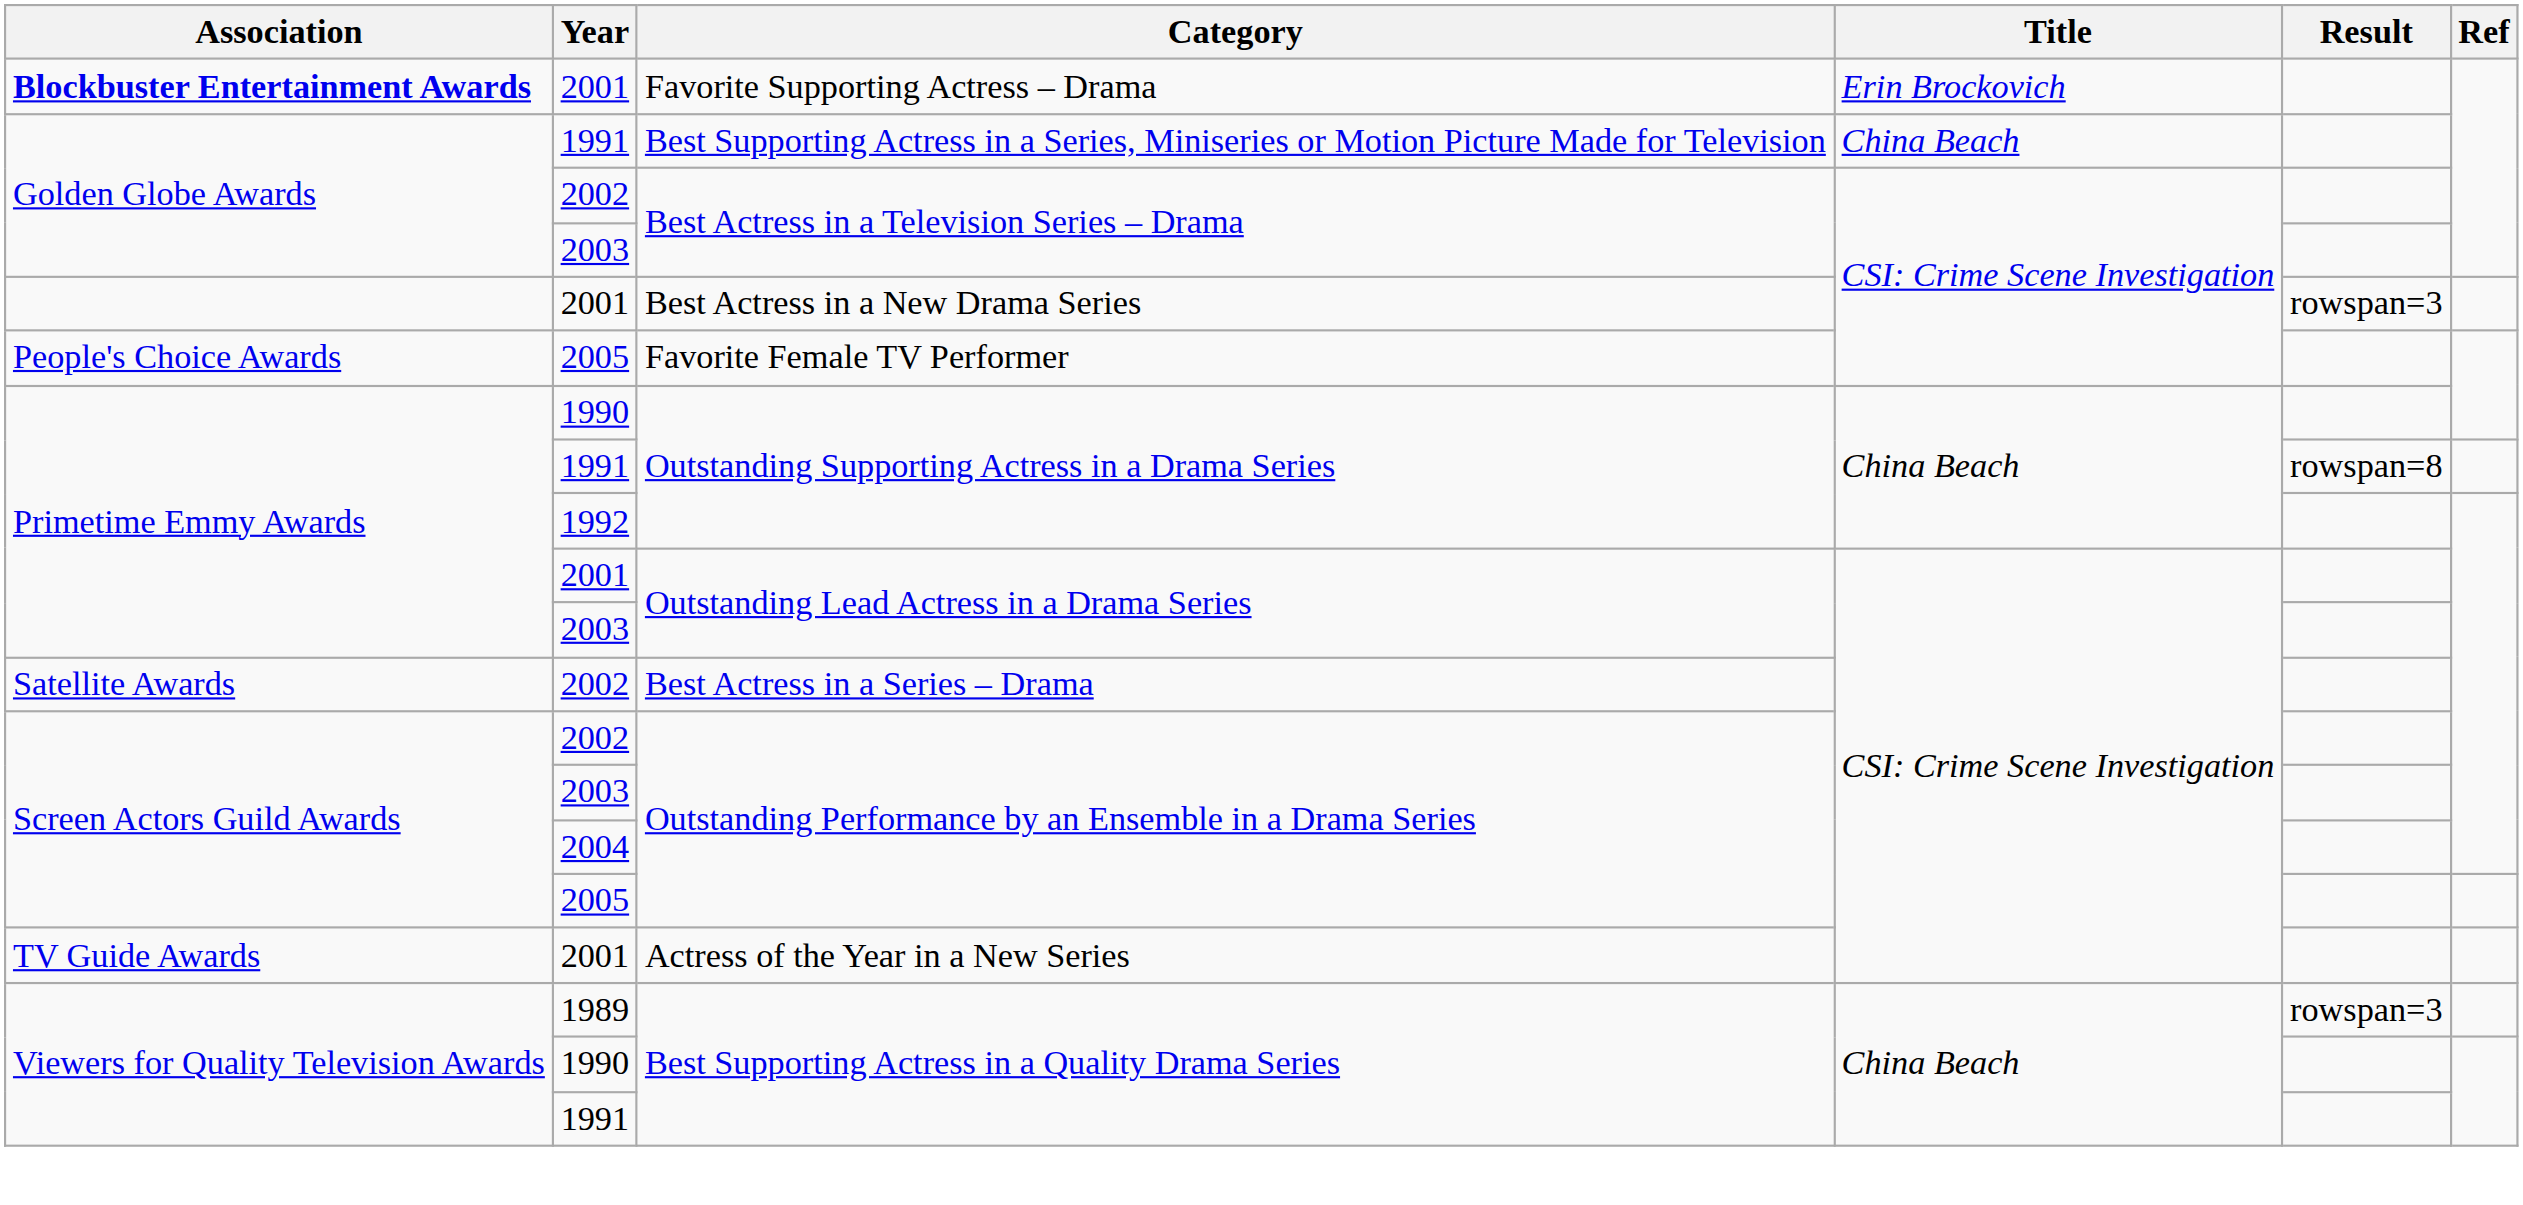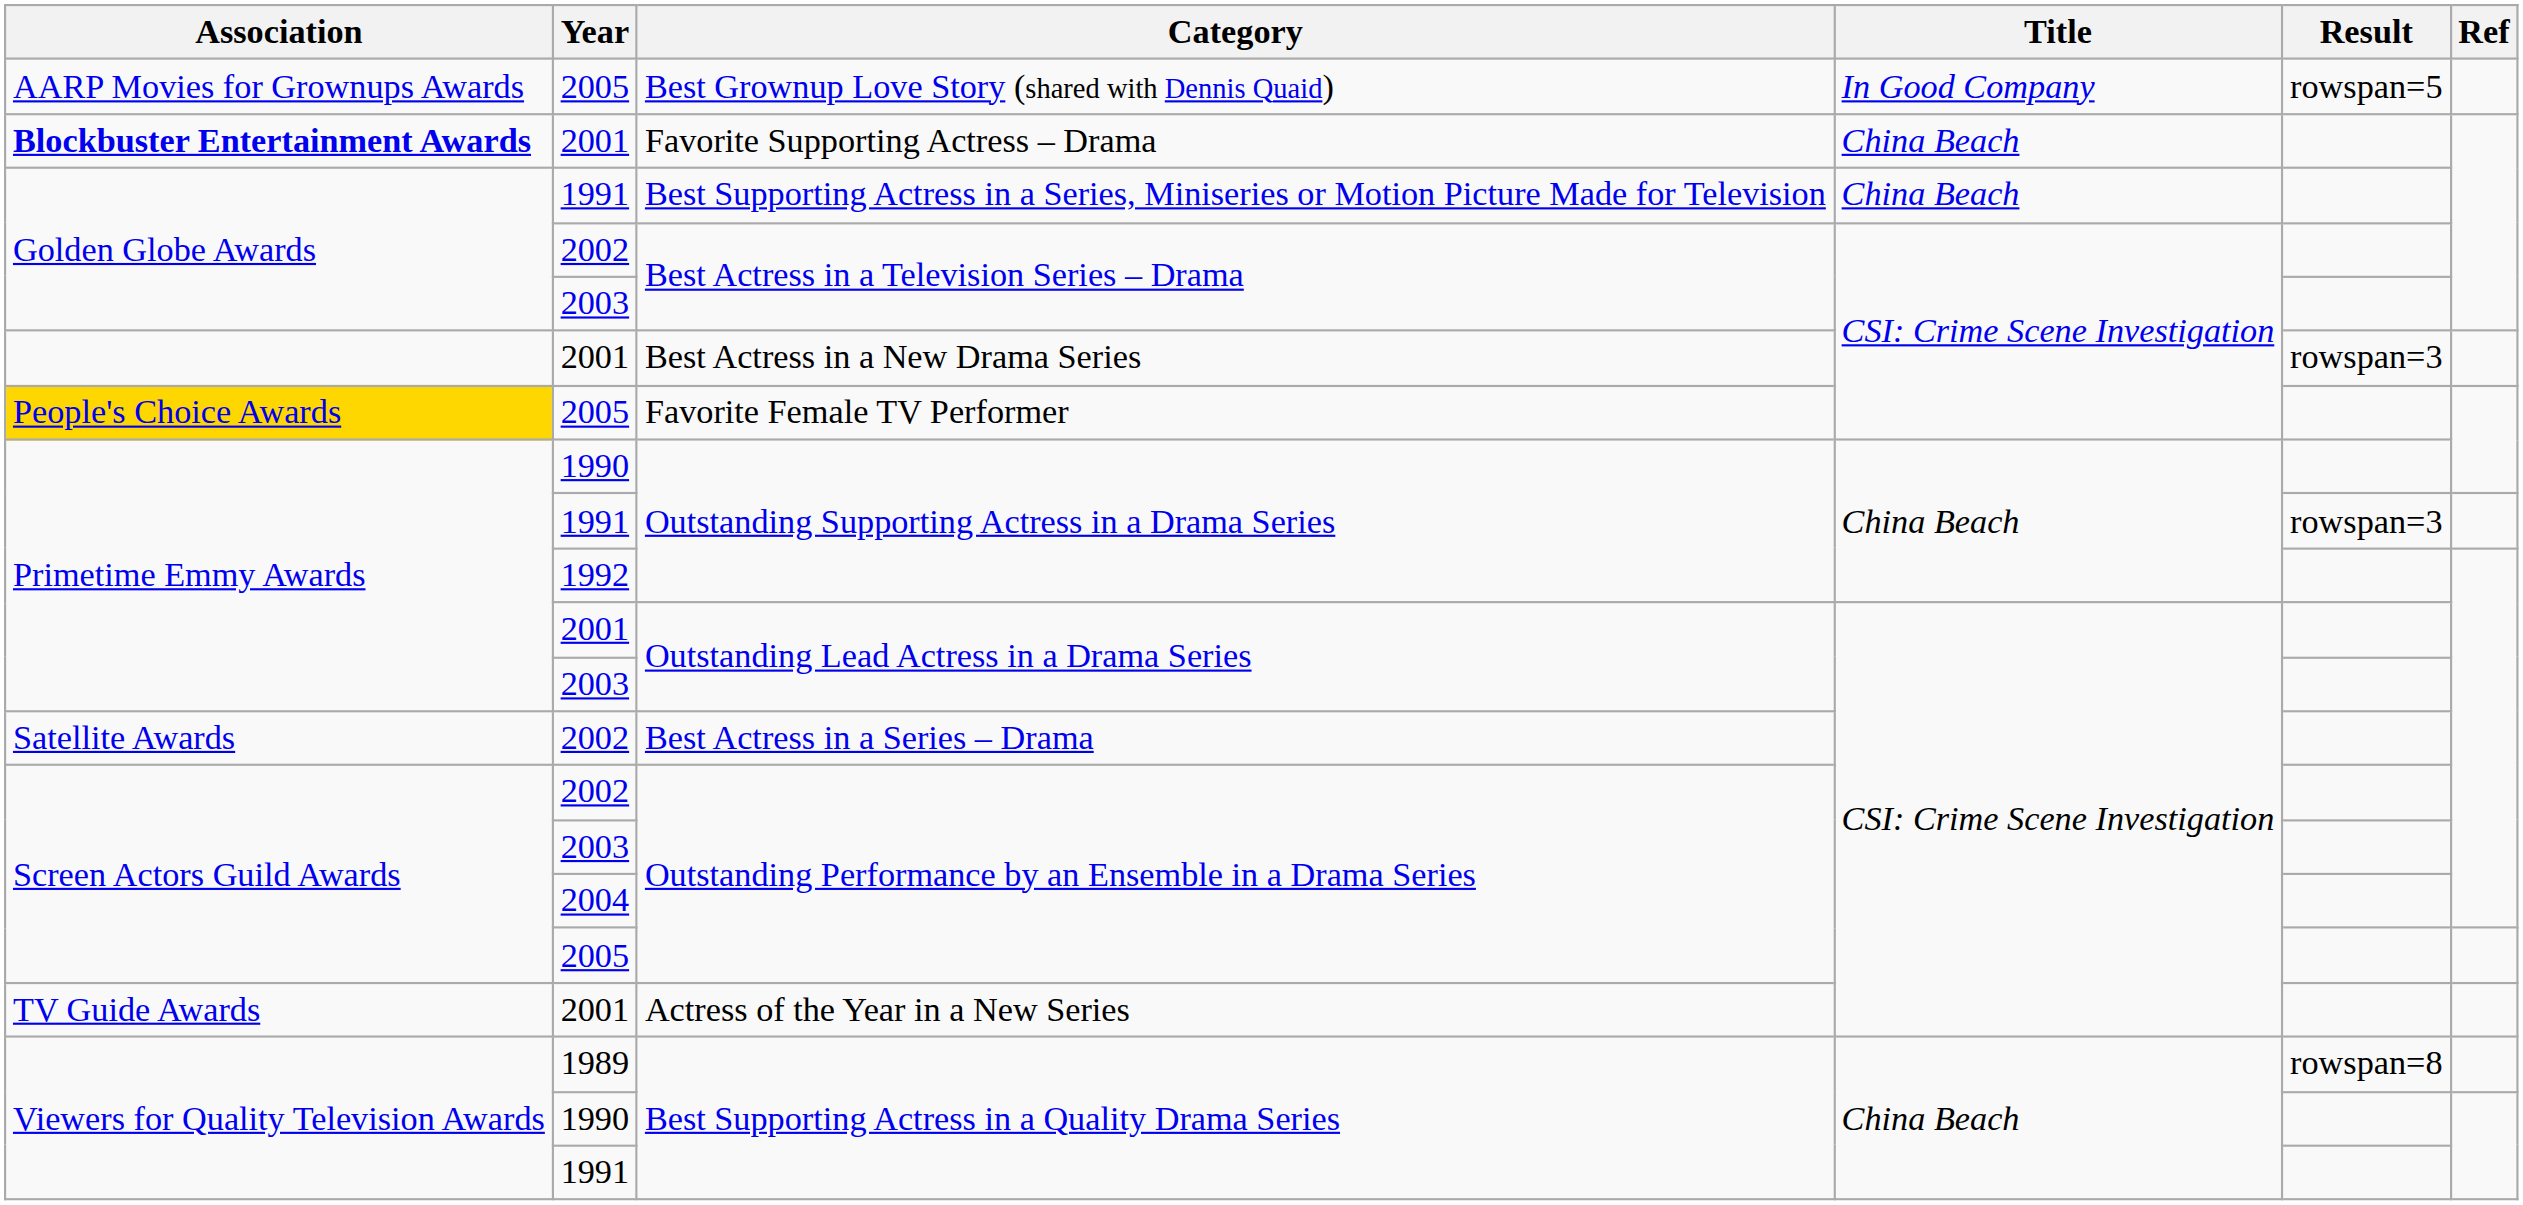 <table class="wikitable">
 <tr>
 <th>Association</th>
 <th>Year</th>
 <th>Category</th>
 <th>Title</th>
 <th>Result</th>
 <th>Ref</th>
 </tr>
 <tr>
+<td><a href='#'>AARP Movies for Grownups Awards</a></td>
+<td><a href='#'>2005</a></td>
+<td><a href='#'>Best Grownup Love Story</a> (<small>shared with <a href='#'>Dennis Quaid</a></small>)</td>
+<td><em><a href='#'>In Good Company</a></em></td>
+<td>rowspan=5 </td>
+<td></td>
+</tr>
+<tr>
 <td><strong><a href='#'>Blockbuster Entertainment Awards</a></strong></td>
 <td><a href='#'>2001</a></td>
 <td>Favorite Supporting Actress – Drama</td>
-<td><em><a href='#'>Erin Brockovich</a></em></td>
+<td><em><a href='#'>China Beach</a></em></td>
 <td></td>
 </tr>
 <tr>
 <td rowspan=3><a href='#'>Golden Globe Awards</a></td>
 <td><a href='#'>1991</a></td>
 <td><a href='#'>Best Supporting Actress in a Series, Miniseries or Motion Picture Made for Television</a></td>
 <td><em><a href='#'>China Beach</a></em></td>
 <td></td>
 </tr>
 <tr>
 <td><a href='#'>2002</a></td>
 <td rowspan=2><a href='#'>Best Actress in a Television Series – Drama</a></td>
 <td rowspan=4><em><a href='#'>CSI: Crime Scene Investigation</a></em></td>
 <td></td>
 </tr>
 <tr>
 <td><a href='#'>2003</a></td>
 <td></td>
 </tr>
 <tr>
 <td></td>
 <td>2001</td>
 <td>Best Actress in a New Drama Series</td>
 <td>rowspan=3 </td>
 <td></td>
 </tr>
 <tr>
-<td><a href='#'>People's Choice Awards</a></td>
+<td style="background: gold;"><a href='#'>People's Choice Awards</a></td>
 <td><a href='#'>2005</a></td>
 <td>Favorite Female TV Performer</td>
 <td></td>
 </tr>
 <tr>
 <td rowspan=5><a href='#'>Primetime Emmy Awards</a></td>
 <td><a href='#'>1990</a></td>
 <td rowspan=3><a href='#'>Outstanding Supporting Actress in a Drama Series</a></td>
 <td rowspan=3><em>China Beach</em></td>
 <td></td>
 </tr>
 <tr>
 <td><a href='#'>1991</a></td>
-<td>rowspan=8 </td>
+<td>rowspan=3 </td>
 <td></td>
 </tr>
 <tr>
 <td><a href='#'>1992</a></td>
 <td></td>
 </tr>
 <tr>
 <td><a href='#'>2001</a></td>
 <td rowspan=2><a href='#'>Outstanding Lead Actress in a Drama Series</a></td>
 <td rowspan=8><em>CSI: Crime Scene Investigation</em></td>
 <td></td>
 </tr>
 <tr>
 <td><a href='#'>2003</a></td>
 <td></td>
 </tr>
 <tr>
 <td><a href='#'>Satellite Awards</a></td>
 <td><a href='#'>2002</a></td>
 <td><a href='#'>Best Actress in a Series – Drama</a></td>
 <td></td>
 </tr>
 <tr>
 <td rowspan=4><a href='#'>Screen Actors Guild Awards</a></td>
 <td><a href='#'>2002</a></td>
 <td rowspan=4><a href='#'>Outstanding Performance by an Ensemble in a Drama Series</a></td>
 <td></td>
 </tr>
 <tr>
 <td><a href='#'>2003</a></td>
 <td></td>
 </tr>
 <tr>
 <td><a href='#'>2004</a></td>
 <td></td>
 </tr>
 <tr>
 <td><a href='#'>2005</a></td>
 <td></td>
 <td></td>
 </tr>
 <tr>
 <td><a href='#'>TV Guide Awards</a></td>
 <td>2001</td>
 <td>Actress of the Year in a New Series</td>
 <td></td>
 <td></td>
 </tr>
 <tr>
 <td rowspan=3><a href='#'>Viewers for Quality Television Awards</a></td>
 <td>1989</td>
 <td rowspan=3><a href='#'>Best Supporting Actress in a Quality Drama Series</a></td>
 <td rowspan=3><em>China Beach</em></td>
-<td>rowspan=3 </td>
+<td>rowspan=8 </td>
 <td></td>
 </tr>
 <tr>
 <td>1990</td>
 <td></td>
 </tr>
 <tr>
 <td>1991</td>
 <td></td>
 </tr>
 </table>
